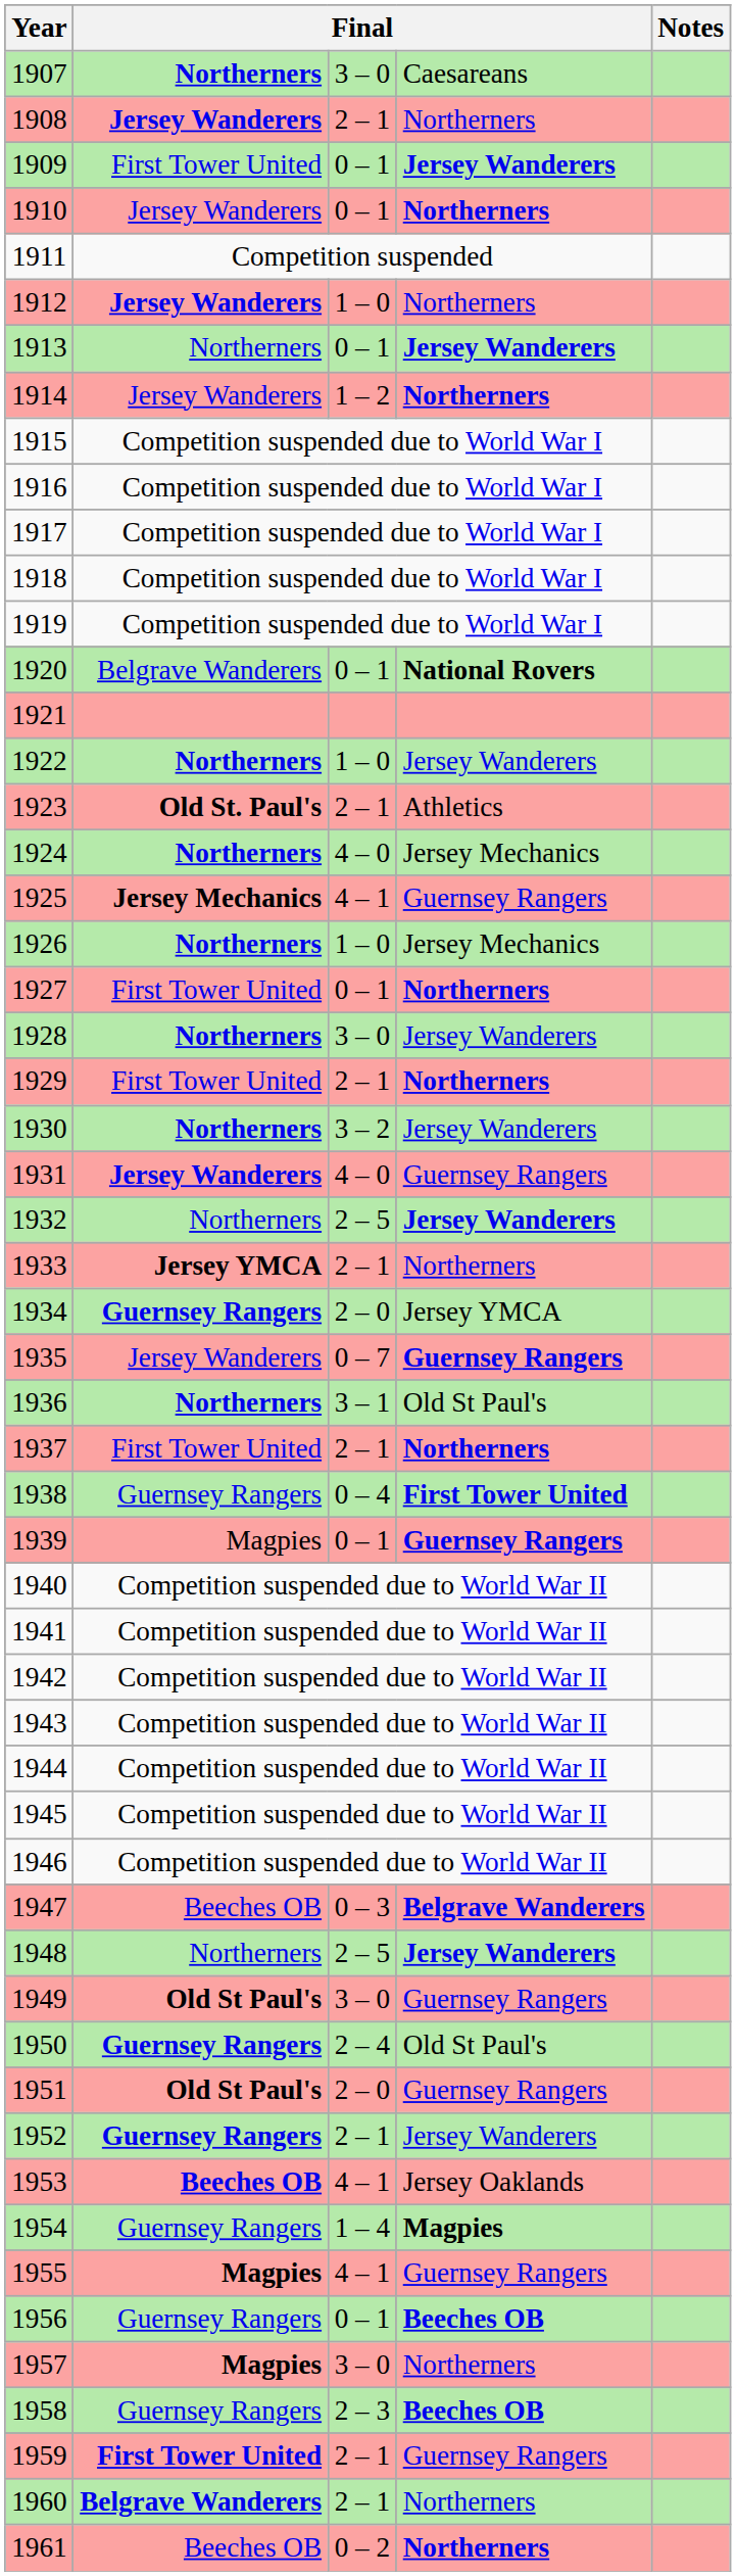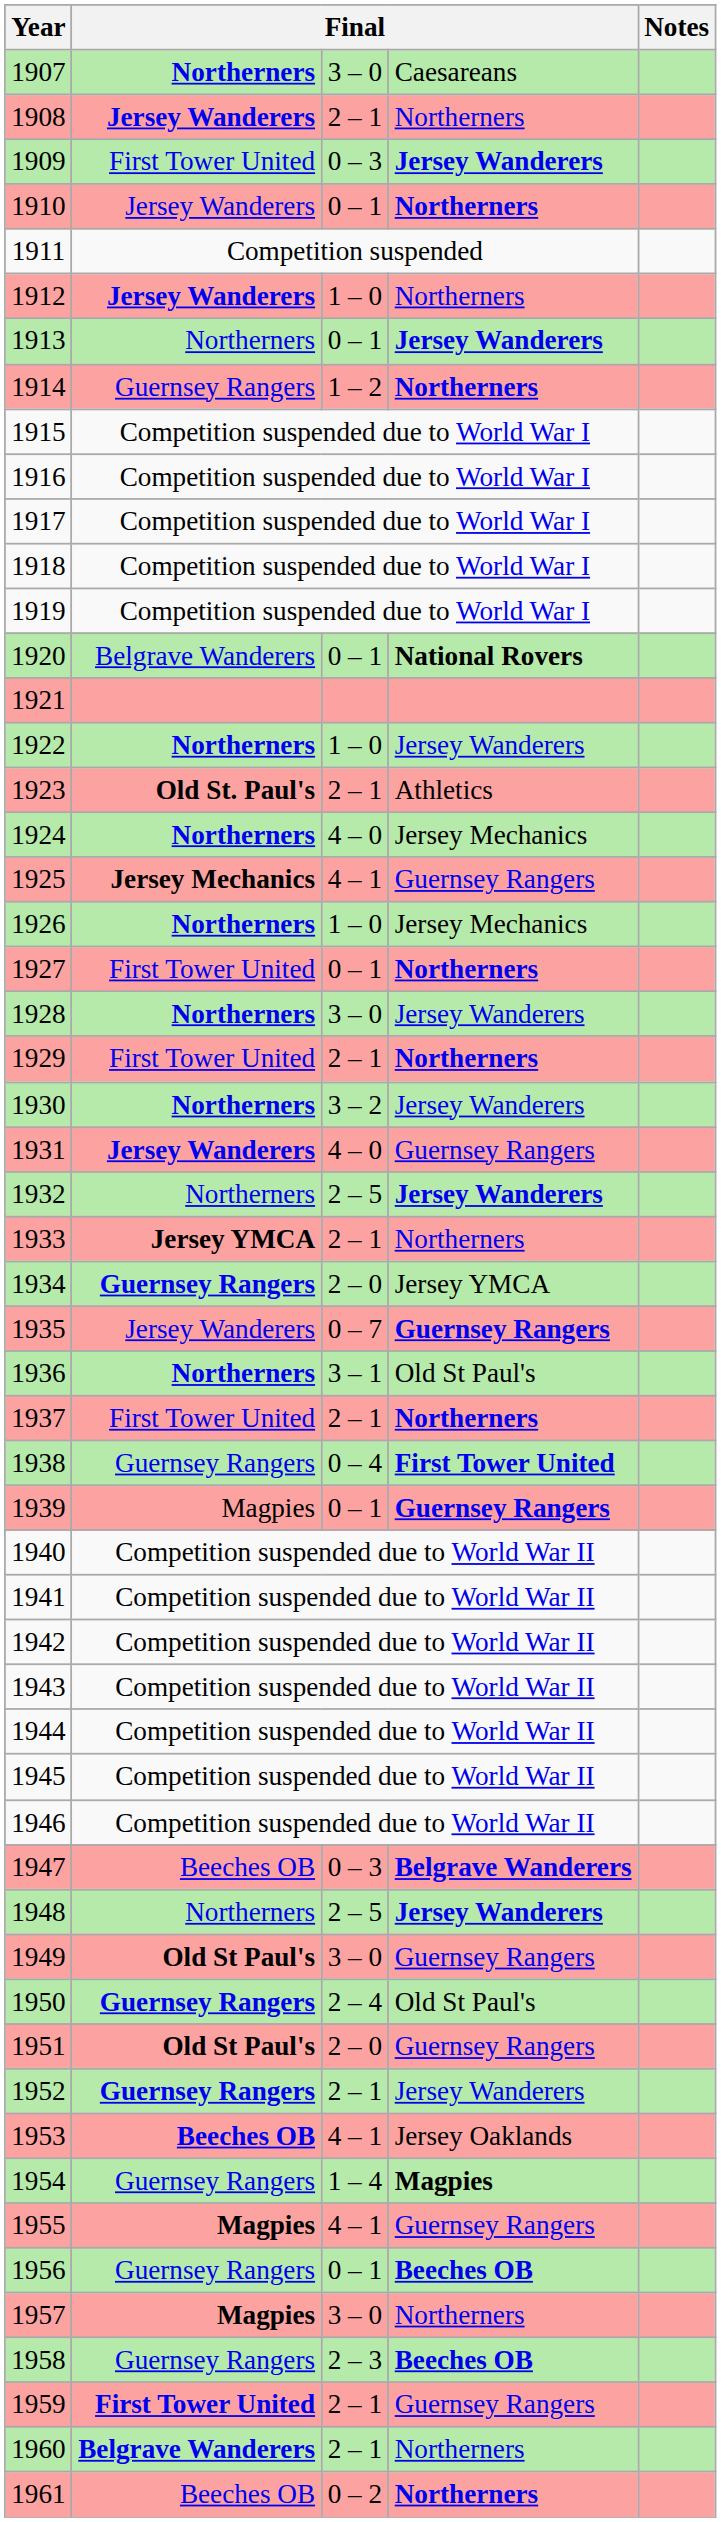 <table class="wikitable" style="text-align: center; font-size:95%;">
 <tr>
 <th>Year</th>
 <th colspan=3>Final</th>
 <th>Notes</th>
 </tr>
 <tr style="text-align:center; background:#B5EAAA;">
 <td>1907</td>
 <td align="right"><strong><a href='#'>Northerners</a> </strong></td>
 <td>3 – 0</td>
 <td align="left"> Caesareans</td>
 <td></td>
 </tr>
 <tr style="text-align:center; background:#FCA3A2;">
 <td>1908</td>
 <td align="right"><strong><a href='#'>Jersey Wanderers</a> </strong></td>
 <td>2 – 1</td>
 <td align="left"> <a href='#'>Northerners</a></td>
 <td></td>
 </tr>
 <tr style="text-align:center; background:#B5EAAA;">
 <td>1909</td>
 <td align="right"><a href='#'>First Tower United</a> </td>
-<td>0 – 1</td>
+<td>0 – 3</td>
 <td align="left"><strong> <a href='#'>Jersey Wanderers</a></strong></td>
 <td></td>
 </tr>
 <tr style="text-align:center; background:#FCA3A2;">
 <td>1910</td>
 <td align="right"><a href='#'>Jersey Wanderers</a> </td>
 <td>0 – 1</td>
 <td align="left"><strong> <a href='#'>Northerners</a></strong></td>
 <td></td>
 </tr>
 <tr style="text-align:center;">
 <td>1911</td>
 <td colspan=3>Competition suspended</td>
 <td></td>
 </tr>
 <tr style="text-align:center; background:#FCA3A2;">
 <td>1912</td>
 <td align="right"><strong><a href='#'>Jersey Wanderers</a> </strong></td>
 <td>1 – 0</td>
 <td align="left"> <a href='#'>Northerners</a></td>
 <td></td>
 </tr>
 <tr style="text-align:center; background:#B5EAAA;">
 <td>1913</td>
 <td align="right"><a href='#'>Northerners</a> </td>
 <td>0 – 1</td>
 <td align="left"><strong> <a href='#'>Jersey Wanderers</a></strong></td>
 <td></td>
 </tr>
 <tr style="text-align:center; background:#FCA3A2;">
 <td>1914</td>
-<td align="right"><a href='#'>Jersey Wanderers</a> </td>
+<td align="right"><a href='#'>Guernsey Rangers</a> </td>
 <td>1 – 2</td>
 <td align="left"><strong> <a href='#'>Northerners</a></strong></td>
 <td></td>
 </tr>
 <tr style="text-align:center;">
 <td>1915</td>
 <td colspan=3>Competition suspended due to <a href='#'>World War I</a></td>
 <td></td>
 </tr>
 <tr style="text-align:center;">
 <td>1916</td>
 <td colspan=3>Competition suspended due to <a href='#'>World War I</a></td>
 <td></td>
 </tr>
 <tr style="text-align:center;">
 <td>1917</td>
 <td colspan=3>Competition suspended due to <a href='#'>World War I</a></td>
 <td></td>
 </tr>
 <tr style="text-align:center;">
 <td>1918</td>
 <td colspan=3>Competition suspended due to <a href='#'>World War I</a></td>
 <td></td>
 </tr>
 <tr style="text-align:center;">
 <td>1919</td>
 <td colspan=3>Competition suspended due to <a href='#'>World War I</a></td>
 <td></td>
 </tr>
 <tr style="text-align:center; background:#B5EAAA;">
 <td>1920</td>
 <td align="right"><a href='#'>Belgrave Wanderers</a> </td>
 <td>0 – 1</td>
 <td align="left"><strong> National Rovers</strong></td>
 <td></td>
 </tr>
 <tr style="text-align:center; background:#FCA3A2;">
 <td>1921</td>
 <td align="right"></td>
 <td></td>
 <td align="left"></td>
 <td></td>
 </tr>
 <tr style="text-align:center; background:#B5EAAA;">
 <td>1922</td>
 <td align="right"><strong><a href='#'>Northerners</a> </strong></td>
 <td>1 – 0</td>
 <td align="left"> <a href='#'>Jersey Wanderers</a></td>
 <td></td>
 </tr>
 <tr style="text-align:center; background:#FCA3A2;">
 <td>1923</td>
 <td align="right"><strong>Old St. Paul's </strong></td>
 <td>2 – 1</td>
 <td align="left"> Athletics</td>
 <td></td>
 </tr>
 <tr style="text-align:center; background:#B5EAAA;">
 <td>1924</td>
 <td align="right"><strong><a href='#'>Northerners</a> </strong></td>
 <td>4 – 0</td>
 <td align="left"> Jersey Mechanics</td>
 <td></td>
 </tr>
 <tr style="text-align:center; background:#FCA3A2;">
 <td>1925</td>
 <td align="right"><strong>Jersey Mechanics </strong></td>
 <td>4 – 1</td>
 <td align="left"> <a href='#'>Guernsey Rangers</a></td>
 <td></td>
 </tr>
 <tr style="text-align:center; background:#B5EAAA;">
 <td>1926</td>
 <td align="right"><strong><a href='#'>Northerners</a> </strong></td>
 <td>1 – 0</td>
 <td align="left"> Jersey Mechanics</td>
 <td></td>
 </tr>
 <tr style="text-align:center; background:#FCA3A2;">
 <td>1927</td>
 <td align="right"><a href='#'>First Tower United</a> </td>
 <td>0 – 1</td>
 <td align="left"><strong> <a href='#'>Northerners</a></strong></td>
 <td></td>
 </tr>
 <tr style="text-align:center; background:#B5EAAA;">
 <td>1928</td>
 <td align="right"><strong><a href='#'>Northerners</a> </strong></td>
 <td>3 – 0</td>
 <td align="left"> <a href='#'>Jersey Wanderers</a></td>
 <td></td>
 </tr>
 <tr style="text-align:center; background:#FCA3A2;">
 <td>1929</td>
 <td align="right"><a href='#'>First Tower United</a> </td>
 <td>2 – 1</td>
 <td align="left"><strong> <a href='#'>Northerners</a></strong></td>
 <td></td>
 </tr>
 <tr style="text-align:center; background:#B5EAAA;">
 <td>1930</td>
 <td align="right"><strong><a href='#'>Northerners</a> </strong></td>
 <td>3 – 2</td>
 <td align="left"> <a href='#'>Jersey Wanderers</a></td>
 <td></td>
 </tr>
 <tr style="text-align:center; background:#FCA3A2;">
 <td>1931</td>
 <td align="right"><strong><a href='#'>Jersey Wanderers</a> </strong></td>
 <td>4 – 0</td>
 <td align="left"> <a href='#'>Guernsey Rangers</a></td>
 <td></td>
 </tr>
 <tr style="text-align:center; background:#B5EAAA;">
 <td>1932</td>
 <td align="right"><a href='#'>Northerners</a> </td>
 <td>2 – 5</td>
 <td align="left"><strong> <a href='#'>Jersey Wanderers</a></strong></td>
 <td></td>
 </tr>
 <tr style="text-align:center; background:#FCA3A2;">
 <td>1933</td>
 <td align="right"><strong>Jersey YMCA </strong></td>
 <td>2 – 1</td>
 <td align="left"> <a href='#'>Northerners</a></td>
 <td></td>
 </tr>
 <tr style="text-align:center; background:#B5EAAA;">
 <td>1934</td>
 <td align="right"><strong><a href='#'>Guernsey Rangers</a> </strong></td>
 <td>2 – 0</td>
 <td align="left"> Jersey YMCA</td>
 <td></td>
 </tr>
 <tr style="text-align:center; background:#FCA3A2;">
 <td>1935</td>
 <td align="right"><a href='#'>Jersey Wanderers</a> </td>
 <td>0 – 7</td>
 <td align="left"><strong> <a href='#'>Guernsey Rangers</a></strong></td>
 <td></td>
 </tr>
 <tr style="text-align:center; background:#B5EAAA;">
 <td>1936</td>
 <td align="right"><strong><a href='#'>Northerners</a> </strong></td>
 <td>3 – 1</td>
 <td align="left"> Old St Paul's</td>
 <td></td>
 </tr>
 <tr style="text-align:center; background:#FCA3A2;">
 <td>1937</td>
 <td align="right"><a href='#'>First Tower United</a> </td>
 <td>2 – 1</td>
 <td align="left"><strong> <a href='#'>Northerners</a></strong></td>
 <td></td>
 </tr>
 <tr style="text-align:center; background:#B5EAAA;">
 <td>1938</td>
 <td align="right"><a href='#'>Guernsey Rangers</a> </td>
 <td>0 – 4</td>
 <td align="left"><strong> <a href='#'>First Tower United</a></strong></td>
 <td></td>
 </tr>
 <tr style="text-align:center; background:#FCA3A2;">
 <td>1939</td>
 <td align="right">Magpies </td>
 <td>0 – 1</td>
 <td align="left"><strong> <a href='#'>Guernsey Rangers</a></strong></td>
 <td></td>
 </tr>
 <tr style="text-align:center;">
 <td>1940</td>
 <td colspan=3>Competition suspended due to <a href='#'>World War II</a></td>
 <td></td>
 </tr>
 <tr style="text-align:center;">
 <td>1941</td>
 <td colspan=3>Competition suspended due to <a href='#'>World War II</a></td>
 <td></td>
 </tr>
 <tr style="text-align:center;">
 <td>1942</td>
 <td colspan=3>Competition suspended due to <a href='#'>World War II</a></td>
 <td></td>
 </tr>
 <tr style="text-align:center;">
 <td>1943</td>
 <td colspan=3>Competition suspended due to <a href='#'>World War II</a></td>
 <td></td>
 </tr>
 <tr style="text-align:center;">
 <td>1944</td>
 <td colspan=3>Competition suspended due to <a href='#'>World War II</a></td>
 <td></td>
 </tr>
 <tr style="text-align:center;">
 <td>1945</td>
 <td colspan=3>Competition suspended due to <a href='#'>World War II</a></td>
 <td></td>
 </tr>
 <tr style="text-align:center;">
 <td>1946</td>
 <td colspan=3>Competition suspended due to <a href='#'>World War II</a></td>
 <td></td>
 </tr>
 <tr style="text-align:center; background:#FCA3A2;">
 <td>1947</td>
 <td align="right"><a href='#'>Beeches OB</a> </td>
 <td>0 – 3</td>
 <td align="left"><strong> <a href='#'>Belgrave Wanderers</a></strong></td>
 <td></td>
 </tr>
 <tr style="text-align:center; background:#B5EAAA;">
 <td>1948</td>
 <td align="right"><a href='#'>Northerners</a> </td>
 <td>2 – 5</td>
 <td align="left"><strong> <a href='#'>Jersey Wanderers</a></strong></td>
 <td></td>
 </tr>
 <tr style="text-align:center; background:#FCA3A2;">
 <td>1949</td>
 <td align="right"><strong>Old St Paul's </strong></td>
 <td>3 – 0</td>
 <td align="left"> <a href='#'>Guernsey Rangers</a></td>
 <td></td>
 </tr>
 <tr style="text-align:center; background:#B5EAAA;">
 <td>1950</td>
 <td align="right"><strong><a href='#'>Guernsey Rangers</a> </strong></td>
 <td>2 – 4</td>
 <td align="left"> Old St Paul's</td>
 <td></td>
 </tr>
 <tr style="text-align:center; background:#FCA3A2;">
 <td>1951</td>
 <td align="right"><strong>Old St Paul's </strong></td>
 <td>2 – 0</td>
 <td align="left"> <a href='#'>Guernsey Rangers</a></td>
 <td></td>
 </tr>
 <tr style="text-align:center; background:#B5EAAA;">
 <td>1952</td>
 <td align="right"><strong><a href='#'>Guernsey Rangers</a> </strong></td>
 <td>2 – 1</td>
 <td align="left"> <a href='#'>Jersey Wanderers</a></td>
 <td></td>
 </tr>
 <tr style="text-align:center; background:#FCA3A2;">
 <td>1953</td>
 <td align="right"><strong><a href='#'>Beeches OB</a> </strong></td>
 <td>4 – 1</td>
 <td align="left"> Jersey Oaklands</td>
 <td></td>
 </tr>
 <tr style="text-align:center; background:#B5EAAA;">
 <td>1954</td>
 <td align="right"><a href='#'>Guernsey Rangers</a> </td>
 <td>1 – 4</td>
 <td align="left"><strong> Magpies</strong></td>
 <td></td>
 </tr>
 <tr style="text-align:center; background:#FCA3A2;">
 <td>1955</td>
 <td align="right"><strong>Magpies </strong></td>
 <td>4 – 1</td>
 <td align="left"> <a href='#'>Guernsey Rangers</a></td>
 <td></td>
 </tr>
 <tr style="text-align:center; background:#B5EAAA;">
 <td>1956</td>
 <td align="right"><a href='#'>Guernsey Rangers</a> </td>
 <td>0 – 1</td>
 <td align="left"><strong> <a href='#'>Beeches OB</a></strong></td>
 <td></td>
 </tr>
 <tr style="text-align:center; background:#FCA3A2;">
 <td>1957</td>
 <td align="right"><strong>Magpies </strong></td>
 <td>3 – 0</td>
 <td align="left"> <a href='#'>Northerners</a></td>
 <td></td>
 </tr>
 <tr style="text-align:center; background:#B5EAAA;">
 <td>1958</td>
 <td align="right"><a href='#'>Guernsey Rangers</a> </td>
 <td>2 – 3</td>
 <td align="left"><strong> <a href='#'>Beeches OB</a></strong></td>
 <td></td>
 </tr>
 <tr style="text-align:center; background:#FCA3A2;">
 <td>1959</td>
 <td align="right"><strong><a href='#'>First Tower United</a> </strong></td>
 <td>2 – 1</td>
 <td align="left"> <a href='#'>Guernsey Rangers</a></td>
 <td></td>
 </tr>
 <tr style="text-align:center; background:#B5EAAA;">
 <td>1960</td>
 <td align="right"><strong><a href='#'>Belgrave Wanderers</a> </strong></td>
 <td>2 – 1</td>
 <td align="left"> <a href='#'>Northerners</a></td>
 <td></td>
 </tr>
 <tr style="text-align:center; background:#FCA3A2;">
 <td>1961</td>
 <td align="right"><a href='#'>Beeches OB</a> </td>
 <td>0 – 2</td>
 <td align="left"><strong> <a href='#'>Northerners</a></strong></td>
 <td></td>
 </tr>
 </table>
